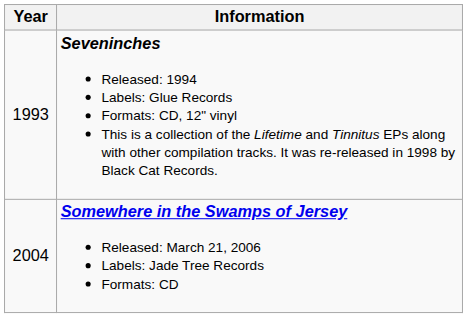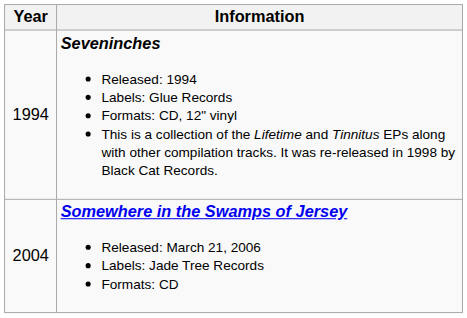 <table class="wikitable">
 <tr>
 <th rowspan="1" width="44">Year</th>
 <th rowspan="1" width="390">Information</th>
 </tr>
 <tr>
-<td align=center width="44">1993</td>
+<td align=center width="44">1994</td>
 <td width="390"><strong><em>Seveninches</em></strong><br><ul><li><small>Released: 1994</small></li><li><small>Labels: Glue Records</small></li><li><small>Formats: CD, 12" vinyl</small></li><li><small>This is a collection of the <em>Lifetime</em> and <em>Tinnitus</em> EPs along with other compilation tracks. It was re-released in 1998 by Black Cat Records.</small></li></ul></td>
 </tr>
 <tr>
 <td align=center width="44">2004</td>
 <td width="390"><strong><em><a href='#'>Somewhere in the Swamps of Jersey</a></em></strong><br><ul><li><small>Released: March 21, 2006</small></li><li><small>Labels: Jade Tree Records</small></li><li><small>Formats: CD</small></li></ul></td>
 </tr>
 </table>
